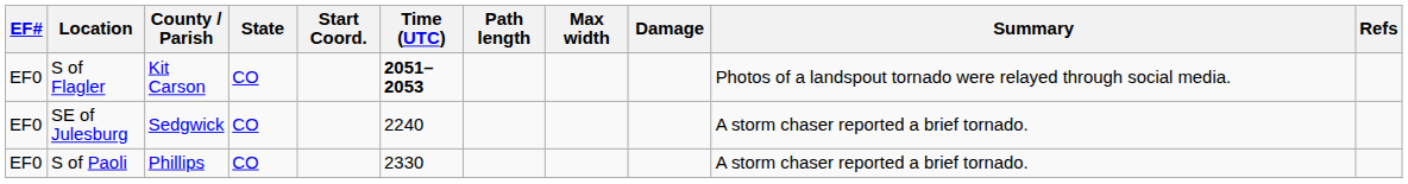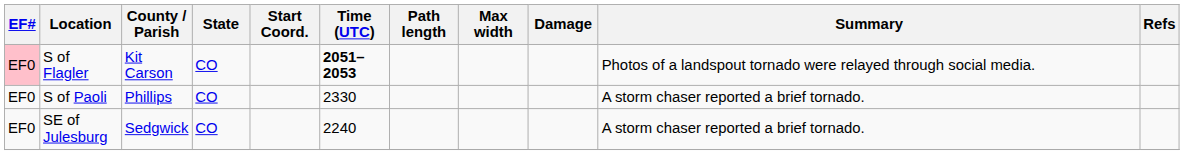 <table class="wikitable sortable" style="width:100%;">
 <tr>
 <th scope="col" width="3%" align="center"><a href='#'>EF#</a></th>
 <th scope="col" width="7%" align="center" class="unsortable">Location</th>
 <th scope="col" width="6%" align="center" class="unsortable">County / Parish</th>
 <th scope="col" width="5%" align="center">State</th>
 <th scope="col" width="6%" align="center">Start Coord.</th>
 <th scope="col" width="6%" align="center">Time (<a href='#'>UTC</a>)</th>
 <th scope="col" width="6%" align="center">Path length</th>
 <th scope="col" width="6%" align="center">Max width</th>
 <th scope="col" width="6%" align="center">Damage</th>
 <th scope="col" width="48%" class="unsortable" align="center">Summary</th>
 <th scope="col" width="48%" class="unsortable" align="center">Refs</th>
 </tr>
 <tr>
-<td>EF0</td>
+<td style="background: pink;">EF0</td>
 <td>S of <a href='#'>Flagler</a></td>
 <td><a href='#'>Kit Carson</a></td>
 <td><a href='#'>CO</a></td>
 <td></td>
 <td><strong>2051–2053</strong></td>
 <td></td>
 <td></td>
 <td></td>
 <td>Photos of a landspout tornado were relayed through social media.</td>
+<td></td>
+</tr>
+<tr>
+<td>EF0</td>
+<td>S of <a href='#'>Paoli</a></td>
+<td><a href='#'>Phillips</a></td>
+<td><a href='#'>CO</a></td>
+<td></td>
+<td>2330</td>
+<td></td>
+<td></td>
+<td></td>
+<td>A storm chaser reported a brief tornado.</td>
 <td></td>
 </tr>
 <tr>
 <td>EF0</td>
 <td>SE of <a href='#'>Julesburg</a></td>
 <td><a href='#'>Sedgwick</a></td>
 <td><a href='#'>CO</a></td>
 <td></td>
 <td>2240</td>
 <td></td>
 <td></td>
 <td></td>
 <td>A storm chaser reported a brief tornado.</td>
 <td></td>
 </tr>
 <tr>
-<td>EF0</td>
-<td>S of <a href='#'>Paoli</a></td>
-<td><a href='#'>Phillips</a></td>
-<td><a href='#'>CO</a></td>
-<td></td>
-<td>2330</td>
-<td></td>
-<td></td>
-<td></td>
-<td>A storm chaser reported a brief tornado.</td>
-<td></td>
-</tr>
-<tr>
 </tr>
 </table>
